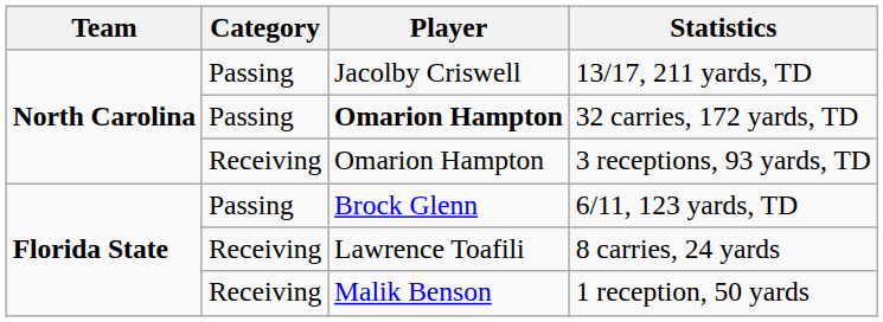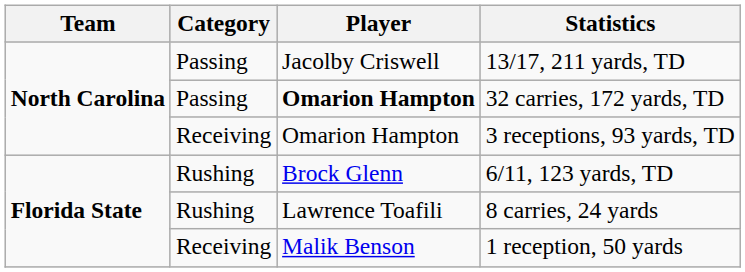 <table class="wikitable" style="float: right;">
 <tr>
 <th>Team</th>
 <th>Category</th>
 <th>Player</th>
 <th>Statistics</th>
 </tr>
 <tr>
 <td rowspan=3><strong>North Carolina</strong></td>
 <td>Passing</td>
 <td>Jacolby Criswell</td>
 <td>13/17, 211 yards, TD</td>
 </tr>
 <tr>
 <td>Passing</td>
 <td><strong>Omarion Hampton</strong></td>
 <td>32 carries, 172 yards, TD</td>
 </tr>
 <tr>
 <td>Receiving</td>
 <td>Omarion Hampton</td>
 <td>3 receptions, 93 yards, TD</td>
 </tr>
 <tr>
 <td rowspan=3><strong>Florida State</strong></td>
-<td>Passing</td>
+<td>Rushing</td>
 <td><a href='#'>Brock Glenn</a></td>
 <td>6/11, 123 yards, TD</td>
 </tr>
 <tr>
-<td>Receiving</td>
+<td>Rushing</td>
 <td>Lawrence Toafili</td>
 <td>8 carries, 24 yards</td>
 </tr>
 <tr>
 <td>Receiving</td>
 <td><a href='#'>Malik Benson</a></td>
 <td>1 reception, 50 yards</td>
 </tr>
 </table>
